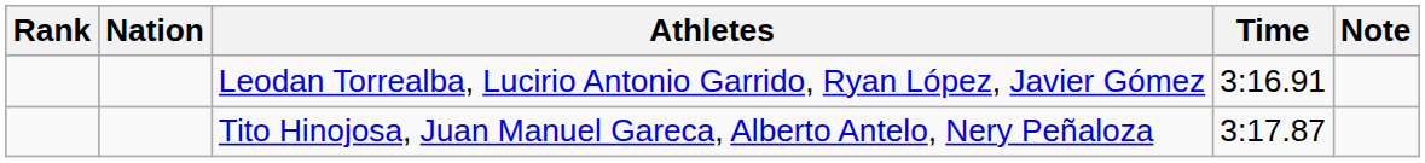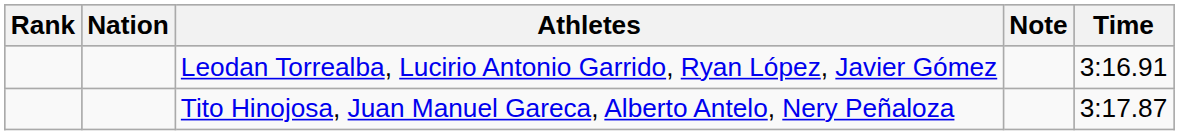 <table class="wikitable sortable" style="text-align:center">
 <tr>
 <th>Rank</th>
 <th>Nation</th>
 <th>Athletes</th>
+<th>Note</th>
 <th>Time</th>
-<th>Note</th>
 </tr>
 <tr>
 <td></td>
 <td align=left></td>
 <td align=left><a href='#'>Leodan Torrealba</a>, <a href='#'>Lucirio Antonio Garrido</a>, <a href='#'>Ryan López</a>, <a href='#'>Javier Gómez</a></td>
+<td></td>
 <td>3:16.91</td>
-<td></td>
 </tr>
 <tr>
 <td></td>
 <td align=left></td>
 <td align=left><a href='#'>Tito Hinojosa</a>, <a href='#'>Juan Manuel Gareca</a>, <a href='#'>Alberto Antelo</a>, <a href='#'>Nery Peñaloza</a></td>
+<td></td>
 <td>3:17.87</td>
-<td></td>
 </tr>
 </table>
